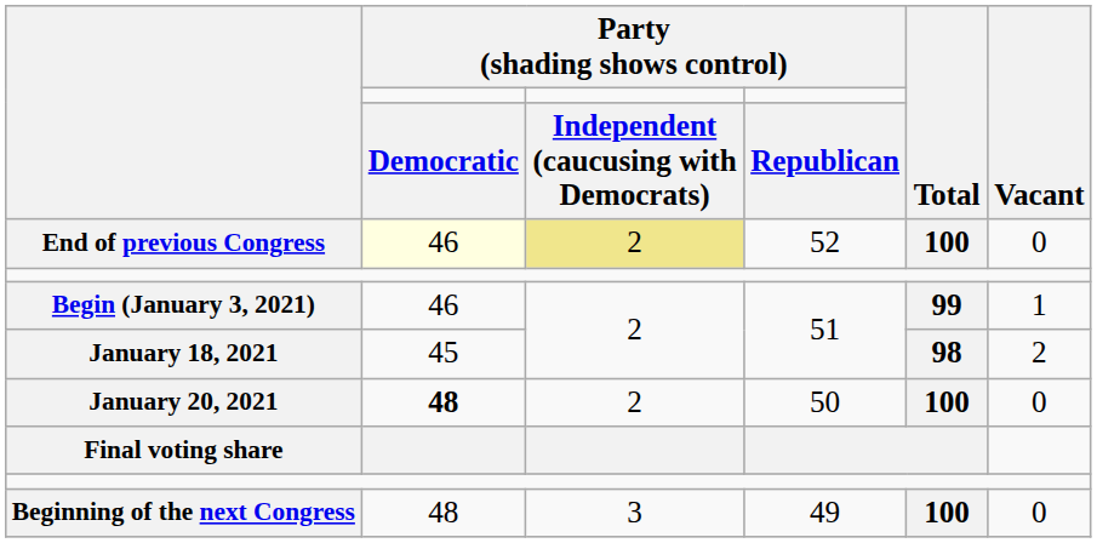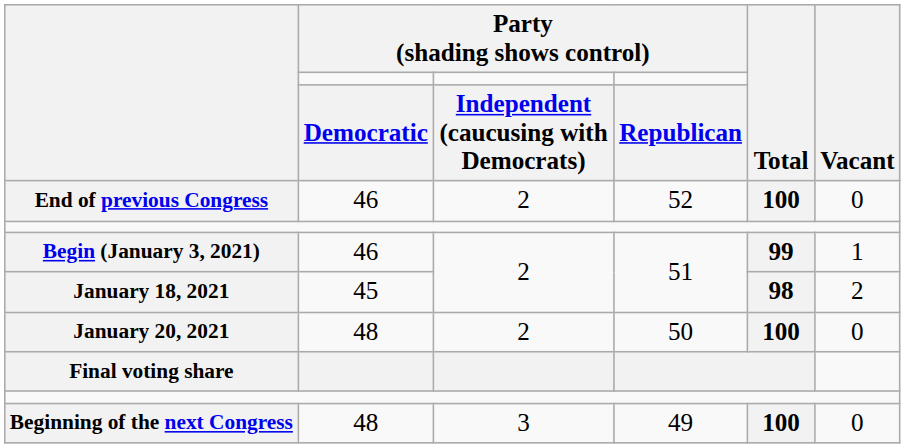 <table class="wikitable" style="text-align:center">
 <tr style="vertical-align:bottom">
 <th rowspan=3> </th>
 <th colspan=3>Party<div>(shading shows control)</div></th>
 <th rowspan=3>Total</th>
 <th rowspan=3>Vacant</th>
 </tr>
 <tr style="height:5px">
 <td style="background-color:"></td>
 <td style="background-color:"></td>
 <td style="background-color:"></td>
 </tr>
 <tr>
 <th><a href='#'>Democratic</a></th>
 <th><a href='#'>Independent</a><div>(caucusing with<br>Democrats)</div></th>
 <th><a href='#'>Republican</a></th>
 </tr>
 <tr>
 <th style="font-size:85%">End of <a href='#'>previous Congress</a></th>
-<td style="background: lightyellow;">46</td>
-<td style="background: khaki;">2</td>
+<td>46</td>
+<td>2</td>
 <td>52</td>
 <th>100</th>
 <td>0</td>
 </tr>
 <tr>
 <td colspan=6></td>
 </tr>
 <tr>
 <th style="font-size:85%"><a href='#'>Begin</a> (January 3, 2021)</th>
 <td>46</td>
 <td rowspan=2>2</td>
 <td rowspan=2 >51</td>
 <th>99</th>
 <td>1</td>
 </tr>
 <tr>
 <th style="font-size:85%">January 18, 2021</th>
 <td>45</td>
 <th>98</th>
 <td>2</td>
 </tr>
 <tr>
 <th style="font-size:85%">January 20, 2021</th>
-<td><strong>48</strong></td>
+<td>48</td>
 <td>2</td>
 <td>50</td>
 <th>100</th>
 <td>0</td>
 </tr>
 <tr>
 <th style="font-size:85%">Final voting share</th>
 <th></th>
 <th></th>
 <th colspan=2> </th>
 </tr>
 <tr>
 <td colspan=6></td>
 </tr>
 <tr>
 <th style="white-space:nowrap; font-size:85%;">Beginning of the <a href='#'>next Congress</a></th>
 <td>48</td>
 <td>3</td>
 <td>49</td>
 <th>100</th>
 <td>0</td>
 </tr>
 </table>
